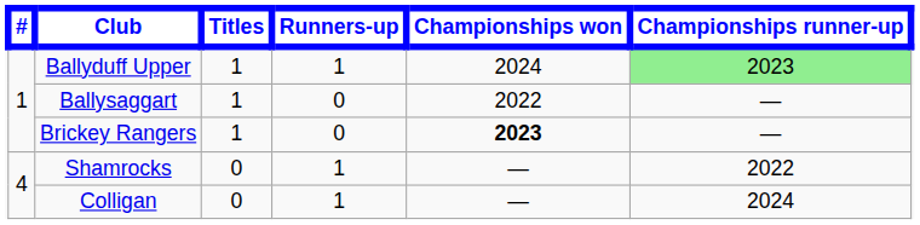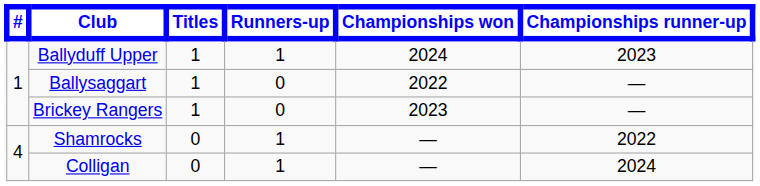 <table class="wikitable sortable" style="text-align:center;">
 <tr>
 <th style="background:white;color:blue; border:5px solid blue">#</th>
 <th style="background:white;color:blue; border:5px solid blue">Club</th>
 <th style="background:white;color:blue; border:5px solid blue">Titles</th>
 <th style="background:white;color:blue; border:5px solid blue">Runners-up</th>
 <th style="background:white;color:blue; border:5px solid blue">Championships won</th>
 <th style="background:white;color:blue; border:5px solid blue">Championships runner-up</th>
 </tr>
 <tr>
 <td rowspan="3">1</td>
 <td><a href='#'>Ballyduff Upper</a></td>
 <td>1</td>
 <td>1</td>
 <td>2024</td>
-<td style="background: lightgreen;">2023</td>
+<td>2023</td>
 </tr>
 <tr>
 <td><a href='#'>Ballysaggart</a></td>
 <td>1</td>
 <td>0</td>
 <td>2022</td>
 <td>—</td>
 </tr>
 <tr>
 <td><a href='#'>Brickey Rangers</a></td>
 <td>1</td>
 <td>0</td>
-<td><strong>2023</strong></td>
+<td>2023</td>
 <td>—</td>
 </tr>
 <tr>
 <td rowspan="2">4</td>
 <td><a href='#'>Shamrocks</a></td>
 <td>0</td>
 <td>1</td>
 <td>—</td>
 <td>2022</td>
 </tr>
 <tr>
 <td><a href='#'>Colligan</a></td>
 <td>0</td>
 <td>1</td>
 <td>—</td>
 <td>2024</td>
 </tr>
 </table>
